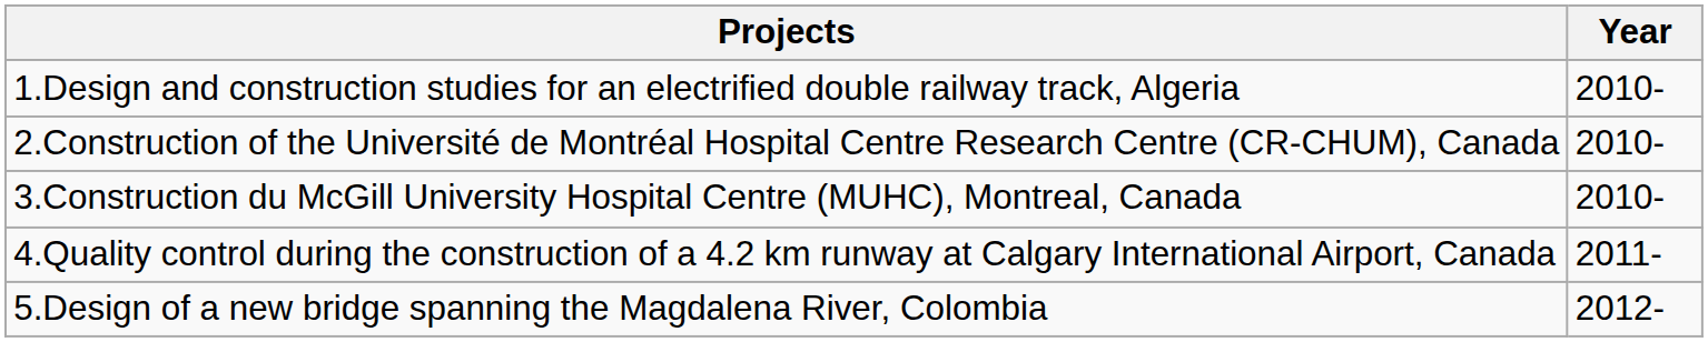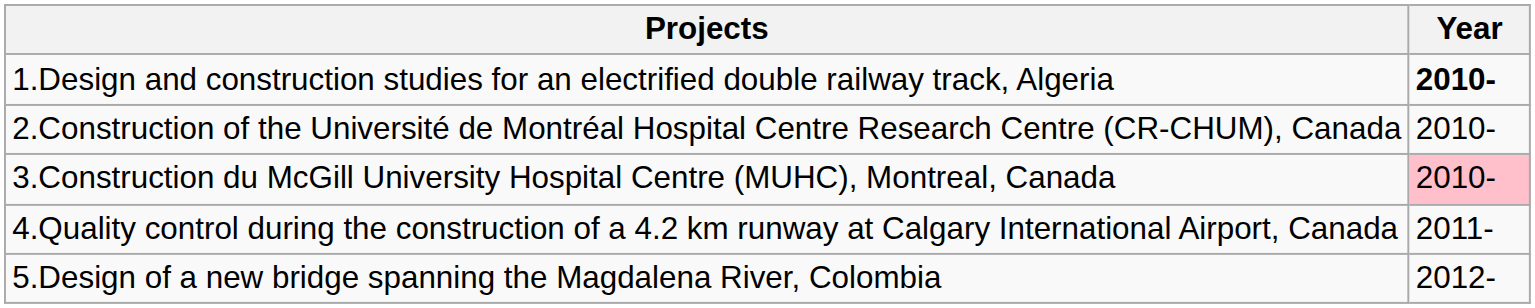 <table class="wikitable">
 <tr>
 <th>Projects</th>
 <th width="8%">Year</th>
 </tr>
 <tr>
 <td>1.Design and construction studies for an electrified double railway track, Algeria</td>
-<td>2010-</td>
+<td><strong>2010-</strong></td>
 </tr>
 <tr>
 <td>2.Construction of the Université de Montréal Hospital Centre Research Centre (CR-CHUM), Canada</td>
 <td>2010-</td>
 </tr>
 <tr>
 <td>3.Construction du McGill University Hospital Centre (MUHC), Montreal, Canada</td>
-<td>2010-</td>
+<td style="background: pink;">2010-</td>
 </tr>
 <tr>
 <td>4.Quality control during the construction of a 4.2 km runway at Calgary International Airport, Canada</td>
 <td>2011-</td>
 </tr>
 <tr>
 <td>5.Design of a new bridge spanning the Magdalena River, Colombia</td>
 <td>2012-</td>
 </tr>
 </table>
